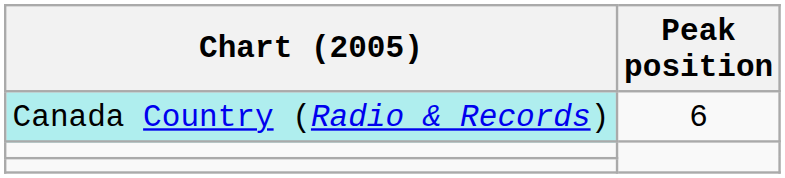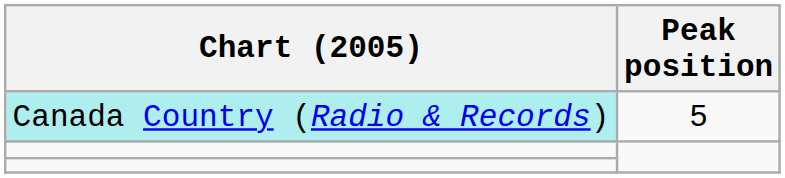 <table class="wikitable sortable">
 <tr>
 <th align="left">Chart (2005)</th>
 <th align="center">Peak<br>position</th>
 </tr>
 <tr>
 <td align="left" style="background: paleturquoise;">Canada <a href='#'>Country</a> (<em><a href='#'>Radio & Records</a></em>)</td>
-<td align="center">6</td>
+<td align="center">5</td>
 </tr>
 <tr>
 <td></td>
 </tr>
 <tr>
 <td></td>
 </tr>
 </table>
